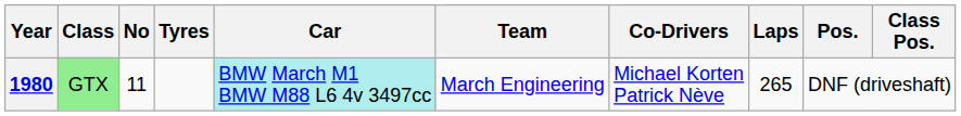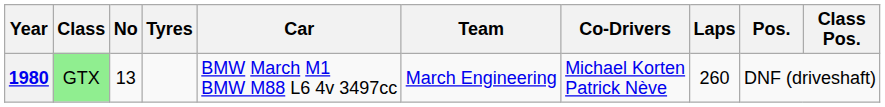 <table class="wikitable" style="text-align:center; font-size:90%">
 <tr>
 <th>Year</th>
 <th>Class</th>
 <th>No</th>
 <th>Tyres</th>
 <th>Car</th>
 <th>Team</th>
 <th>Co-Drivers</th>
 <th>Laps</th>
 <th>Pos.</th>
 <th>Class<br>Pos.</th>
 </tr>
 <tr>
 <th><a href='#'>1980</a></th>
 <td style="background: lightgreen;">GTX</td>
-<td>11</td>
+<td>13</td>
 <td></td>
-<td align="left" style="background: paleturquoise;"><a href='#'>BMW</a> <a href='#'>March</a> <a href='#'>M1</a> <br><a href='#'>BMW M88</a> L6 4v 3497cc</td>
+<td align="left"><a href='#'>BMW</a> <a href='#'>March</a> <a href='#'>M1</a> <br><a href='#'>BMW M88</a> L6 4v 3497cc</td>
 <td align="left"> <a href='#'>March Engineering</a></td>
 <td align="left"> <a href='#'>Michael Korten</a><br> <a href='#'>Patrick Nève</a></td>
-<td>265</td>
+<td>260</td>
 <td colspan=2>DNF (driveshaft)</td>
 </tr>
 </table>
